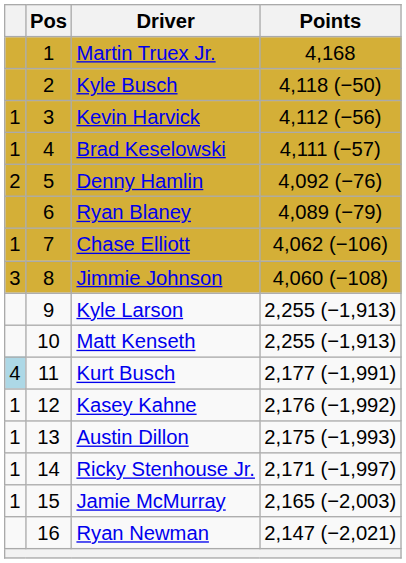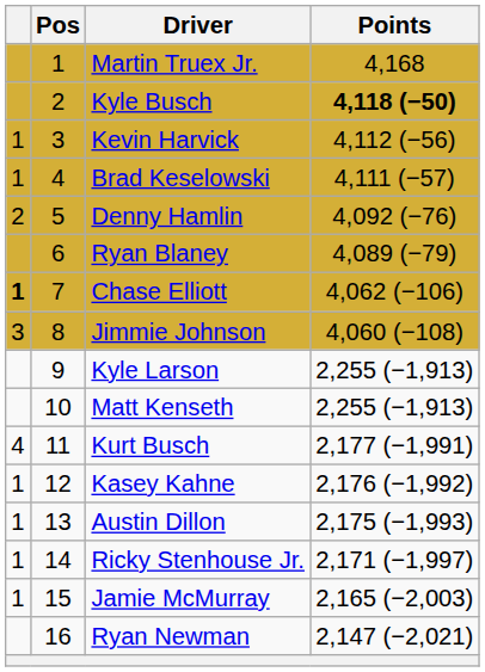 <table class="wikitable" style="font-size: 95%">
 <tr>
 <th></th>
 <th>Pos</th>
 <th>Driver</th>
 <th>Points</th>
 </tr>
 <tr style="background:#D4AF37;">
 <td align="left"></td>
 <td style="text-align:center;">1</td>
 <td><a href='#'>Martin Truex Jr.</a></td>
 <td style="text-align:center;">4,168</td>
 </tr>
 <tr style="background:#D4AF37;">
 <td align="left"></td>
 <td style="text-align:center;">2</td>
 <td><a href='#'>Kyle Busch</a></td>
-<td style="text-align:center;">4,118 (−50)</td>
+<td style="text-align:center;"><strong>4,118 (−50)</strong></td>
 </tr>
 <tr style="background:#D4AF37;">
 <td align="left"> 1</td>
 <td style="text-align:center;">3</td>
 <td><a href='#'>Kevin Harvick</a></td>
 <td style="text-align:center;">4,112 (−56)</td>
 </tr>
 <tr style="background:#D4AF37;">
 <td align="left"> 1</td>
 <td style="text-align:center;">4</td>
 <td><a href='#'>Brad Keselowski</a></td>
 <td style="text-align:center;">4,111 (−57)</td>
 </tr>
 <tr style="background:#D4AF37;">
 <td align="left"> 2</td>
 <td style="text-align:center;">5</td>
 <td><a href='#'>Denny Hamlin</a></td>
 <td style="text-align:center;">4,092 (−76)</td>
 </tr>
 <tr style="background:#D4AF37;">
 <td align="left"></td>
 <td style="text-align:center;">6</td>
 <td><a href='#'>Ryan Blaney</a></td>
 <td style="text-align:center;">4,089 (−79)</td>
 </tr>
 <tr style="background:#D4AF37;">
-<td align="left"> 1</td>
+<td align="left"><strong> 1</strong></td>
 <td style="text-align:center;">7</td>
 <td><a href='#'>Chase Elliott</a></td>
 <td style="text-align:center;">4,062 (−106)</td>
 </tr>
 <tr style="background:#D4AF37;">
 <td align="left"> 3</td>
 <td style="text-align:center;">8</td>
 <td><a href='#'>Jimmie Johnson</a></td>
 <td style="text-align:center;">4,060 (−108)</td>
 </tr>
 <tr>
 <td align="left"></td>
 <td style="text-align:center;">9</td>
 <td><a href='#'>Kyle Larson</a></td>
 <td style="text-align:center;">2,255 (−1,913)</td>
 </tr>
 <tr>
 <td align="left"></td>
 <td style="text-align:center;">10</td>
 <td><a href='#'>Matt Kenseth</a></td>
 <td style="text-align:center;">2,255 (−1,913)</td>
 </tr>
 <tr>
-<td align="left" style="background: lightblue;"> 4</td>
+<td align="left"> 4</td>
 <td style="text-align:center;">11</td>
 <td><a href='#'>Kurt Busch</a></td>
 <td style="text-align:center;">2,177 (−1,991)</td>
 </tr>
 <tr>
 <td align="left"> 1</td>
 <td style="text-align:center;">12</td>
 <td><a href='#'>Kasey Kahne</a></td>
 <td style="text-align:center;">2,176 (−1,992)</td>
 </tr>
 <tr>
 <td align="left"> 1</td>
 <td style="text-align:center;">13</td>
 <td><a href='#'>Austin Dillon</a></td>
 <td style="text-align:center;">2,175 (−1,993)</td>
 </tr>
 <tr>
 <td align="left"> 1</td>
 <td style="text-align:center;">14</td>
 <td><a href='#'>Ricky Stenhouse Jr.</a></td>
 <td style="text-align:center;">2,171 (−1,997)</td>
 </tr>
 <tr>
 <td align="left"> 1</td>
 <td style="text-align:center;">15</td>
 <td><a href='#'>Jamie McMurray</a></td>
 <td style="text-align:center;">2,165 (−2,003)</td>
 </tr>
 <tr>
 <td align="left"></td>
 <td style="text-align:center;">16</td>
 <td><a href='#'>Ryan Newman</a></td>
 <td style="text-align:center;">2,147 (−2,021)</td>
 </tr>
 <tr class="sortbottom">
 <th colspan="9"></th>
 </tr>
 </table>
